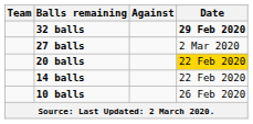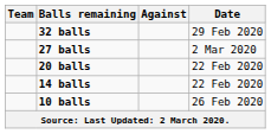 <table class="wikitable sortable" style="text-align:left">
 <tr>
 <th>Team</th>
 <th>Balls remaining</th>
 <th>Against</th>
 <th class="unsortable">Date</th>
 </tr>
 <tr>
 <td></td>
 <td><strong>32 balls</strong></td>
 <td></td>
-<td><strong>29 Feb 2020</strong></td>
+<td>29 Feb 2020</td>
 </tr>
 <tr>
 <td></td>
 <td><strong>27 balls</strong></td>
 <td></td>
 <td>2 Mar 2020</td>
 </tr>
 <tr>
 <td></td>
 <td><strong>20 balls</strong></td>
 <td></td>
-<td style="background: gold;">22 Feb 2020</td>
+<td>22 Feb 2020</td>
 </tr>
 <tr>
 <td></td>
 <td><strong>14 balls</strong></td>
 <td></td>
 <td>22 Feb 2020</td>
 </tr>
 <tr>
 <td></td>
 <td><strong>10 balls</strong></td>
 <td></td>
 <td>26 Feb 2020</td>
 </tr>
 <tr>
 <th colspan=5><small> Source: Last Updated: 2 March 2020.</small></th>
 </tr>
 </table>
